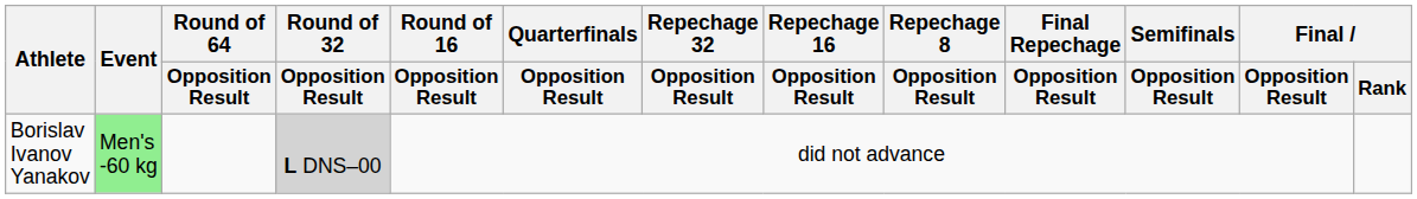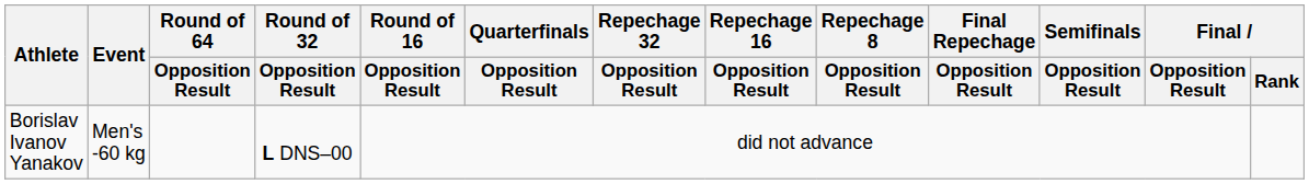 <table class="wikitable" style="font-size:90%">
 <tr>
 <th rowspan="2">Athlete</th>
 <th rowspan="2">Event</th>
 <th>Round of 64</th>
 <th>Round of 32</th>
 <th>Round of 16</th>
 <th>Quarterfinals</th>
 <th>Repechage 32</th>
 <th>Repechage 16</th>
 <th>Repechage 8</th>
 <th>Final Repechage</th>
 <th>Semifinals</th>
 <th colspan=2>Final / </th>
 </tr>
 <tr style="font-size:95%">
 <th>Opposition<br>Result</th>
 <th>Opposition<br>Result</th>
 <th>Opposition<br>Result</th>
 <th>Opposition<br>Result</th>
 <th>Opposition<br>Result</th>
 <th>Opposition<br>Result</th>
 <th>Opposition<br>Result</th>
 <th>Opposition<br>Result</th>
 <th>Opposition<br>Result</th>
 <th>Opposition<br>Result</th>
 <th>Rank</th>
 </tr>
 <tr align=center>
 <td align=left>Borislav Ivanov Yanakov</td>
-<td align=left style="background: lightgreen;">Men's -60 kg</td>
+<td align=left>Men's -60 kg</td>
 <td></td>
-<td style="background: lightgrey;"><br><strong>L</strong> DNS–00</td>
+<td><br><strong>L</strong> DNS–00</td>
 <td colspan=8>did not advance</td>
 <td></td>
 </tr>
 </table>
